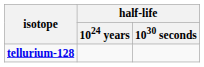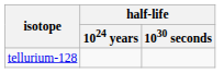 <table class="wikitable sortable">
 <tr>
 <th rowspan=2>isotope</th>
 <th colspan=2>half-life</th>
 </tr>
 <tr>
 <th class=unsortable>10<sup>24</sup> years</th>
 <th class=unsortable>10<sup>30</sup> seconds</th>
 </tr>
 <tr>
-<td><strong><a href='#'>tellurium-128</a></strong></td>
+<td><a href='#'>tellurium-128</a></td>
 <td></td>
 </tr>
 </table>
